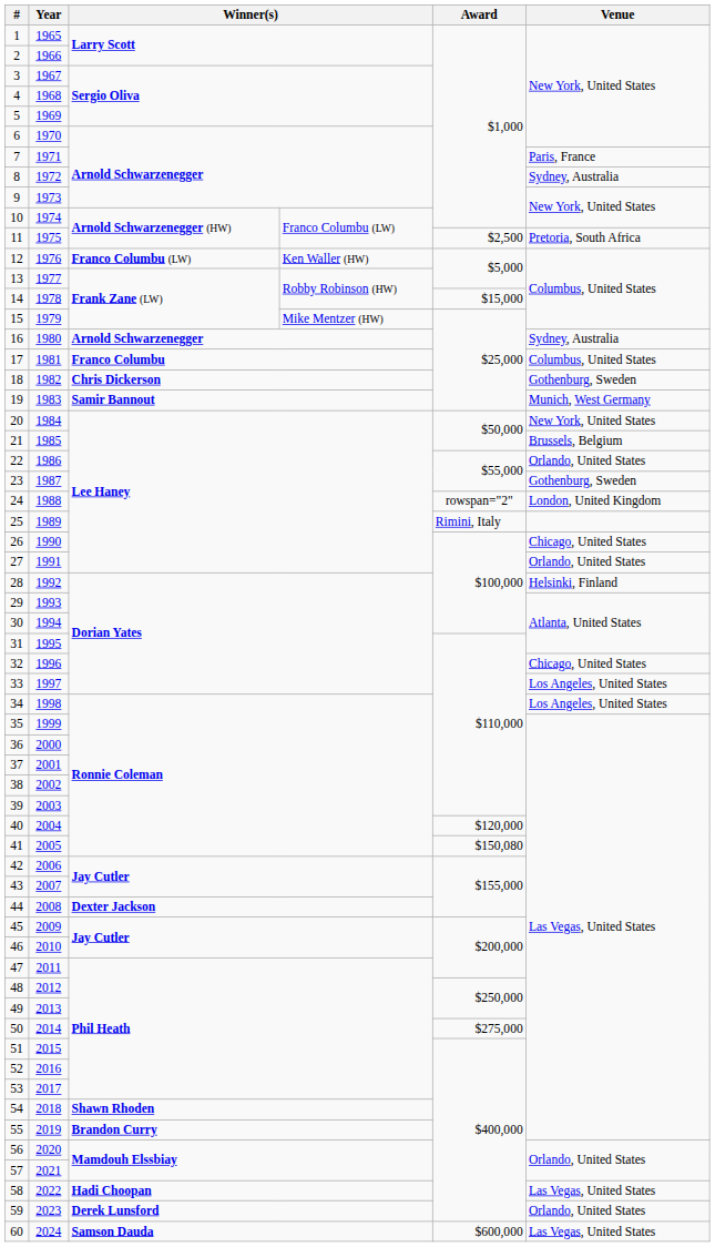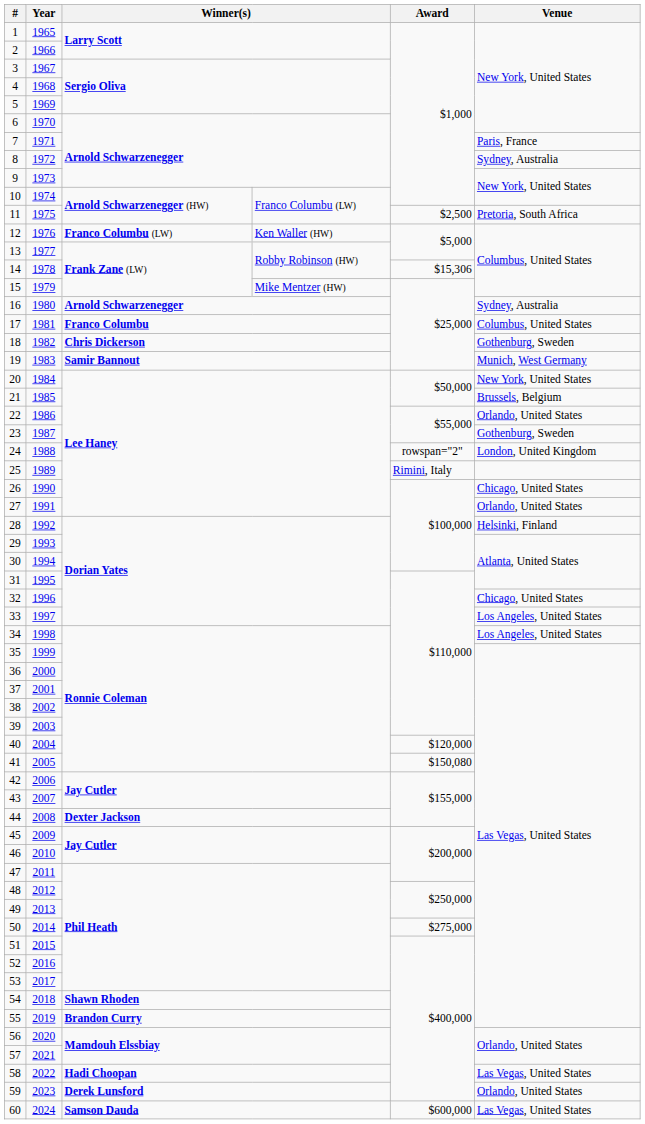 <table class="wikitable sortable" style="text-align: center;width: 100%;">
 <tr>
 <th>#</th>
 <th>Year</th>
 <th colspan="2">Winner(s)</th>
 <th>Award</th>
 <th>Venue</th>
 </tr>
 <tr>
 <td>1</td>
 <td><a href='#'>1965</a></td>
 <td align="left" colspan="2" rowspan="2"> <strong><a href='#'>Larry Scott</a></strong></td>
 <td align="right" rowspan="10">$1,000</td>
 <td align="left" rowspan="6"> <a href='#'>New York</a>, United States</td>
 </tr>
 <tr>
 <td>2</td>
 <td><a href='#'>1966</a></td>
 </tr>
 <tr>
 <td>3</td>
 <td><a href='#'>1967</a></td>
 <td align="left" rowspan="3" colspan="2"> <strong><a href='#'>Sergio Oliva</a></strong></td>
 </tr>
 <tr>
 <td>4</td>
 <td><a href='#'>1968</a></td>
 </tr>
 <tr>
 <td>5</td>
 <td><a href='#'>1969</a></td>
 </tr>
 <tr>
 <td>6</td>
 <td><a href='#'>1970</a></td>
 <td align="left" rowspan="4" colspan="2"><br> <strong><a href='#'>Arnold Schwarzenegger</a></strong></td>
 </tr>
 <tr>
 <td>7</td>
 <td><a href='#'>1971</a></td>
 <td align="left"> <a href='#'>Paris</a>, France</td>
 </tr>
 <tr>
 <td>8</td>
 <td><a href='#'>1972</a></td>
 <td align="left"> <a href='#'>Sydney</a>, Australia</td>
 </tr>
 <tr>
 <td>9</td>
 <td><a href='#'>1973</a></td>
 <td align="left" rowspan="2"> <a href='#'>New York</a>, United States</td>
 </tr>
 <tr>
 <td>10</td>
 <td><a href='#'>1974</a></td>
 <td style="border-top:none;" align="left" rowspan="2"> <strong><a href='#'>Arnold Schwarzenegger</a></strong> <small>(HW)</small></td>
 <td align="left" rowspan="2"> <a href='#'>Franco Columbu</a> <small>(LW)</small></td>
 </tr>
 <tr>
 <td>11</td>
 <td><a href='#'>1975</a></td>
 <td align="right">$2,500</td>
 <td align="left"> <a href='#'>Pretoria</a>, South Africa</td>
 </tr>
 <tr>
 <td>12</td>
 <td><a href='#'>1976</a></td>
 <td style="border-bottom:none;" align="left"> <strong><a href='#'>Franco Columbu</a></strong> <small>(LW)</small></td>
 <td align="left"> <a href='#'>Ken Waller</a> <small>(HW)</small></td>
 <td align="right" rowspan="2">$5,000</td>
 <td align="left" rowspan="4"> <a href='#'>Columbus</a>, United States</td>
 </tr>
 <tr>
 <td>13</td>
 <td><a href='#'>1977</a></td>
 <td style="border-bottom:none;" align="left" rowspan="3"> <strong><a href='#'>Frank Zane</a></strong> <small>(LW)</small></td>
 <td align="left" rowspan="2"> <a href='#'>Robby Robinson</a> <small>(HW)</small></td>
 </tr>
 <tr>
 <td>14</td>
 <td><a href='#'>1978</a></td>
-<td align="right">$15,000</td>
+<td align="right">$15,306</td>
 </tr>
 <tr>
 <td>15</td>
 <td><a href='#'>1979</a></td>
 <td align="left"> <a href='#'>Mike Mentzer</a> <small>(HW)</small></td>
 <td align="right" rowspan="5">$25,000</td>
 </tr>
 <tr>
 <td>16</td>
 <td><a href='#'>1980</a></td>
 <td align="left" colspan="2"> <strong><a href='#'>Arnold Schwarzenegger</a></strong></td>
 <td align="left"> <a href='#'>Sydney</a>, Australia</td>
 </tr>
 <tr>
 <td>17</td>
 <td><a href='#'>1981</a></td>
 <td align="left" colspan="2"> <strong><a href='#'>Franco Columbu</a></strong></td>
 <td align="left"> <a href='#'>Columbus</a>, United States</td>
 </tr>
 <tr>
 <td>18</td>
 <td><a href='#'>1982</a></td>
 <td align="left" colspan="2"> <strong><a href='#'>Chris Dickerson</a></strong></td>
 <td align="left"> <a href='#'>Gothenburg</a>, Sweden</td>
 </tr>
 <tr>
 <td>19</td>
 <td><a href='#'>1983</a></td>
 <td align="left" colspan="2"> <strong><a href='#'>Samir Bannout</a></strong></td>
 <td align="left"> <a href='#'>Munich</a>, <a href='#'>West Germany</a></td>
 </tr>
 <tr>
 <td>20</td>
 <td><a href='#'>1984</a></td>
 <td align="left" colspan="2" rowspan="8"> <strong><a href='#'>Lee Haney</a></strong></td>
 <td align="right" rowspan="2">$50,000</td>
 <td align="left"> <a href='#'>New York</a>, United States</td>
 </tr>
 <tr>
 <td>21</td>
 <td><a href='#'>1985</a></td>
 <td align="left"> <a href='#'>Brussels</a>, Belgium</td>
 </tr>
 <tr>
 <td>22</td>
 <td><a href='#'>1986</a></td>
 <td align="right" rowspan="2">$55,000</td>
 <td align="left"> <a href='#'>Orlando</a>, United States</td>
 </tr>
 <tr>
 <td>23</td>
 <td><a href='#'>1987</a></td>
 <td align="left"> <a href='#'>Gothenburg</a>, Sweden</td>
 </tr>
 <tr>
 <td>24</td>
 <td><a href='#'>1988</a></td>
 <td>rowspan="2" </td>
 <td align="left"> <a href='#'>London</a>, United Kingdom</td>
 </tr>
 <tr>
 <td>25</td>
 <td><a href='#'>1989</a></td>
 <td align="left"> <a href='#'>Rimini</a>, Italy</td>
 </tr>
 <tr>
 <td>26</td>
 <td><a href='#'>1990</a></td>
 <td align="right" rowspan="5">$100,000</td>
 <td align="left"> <a href='#'>Chicago</a>, United States</td>
 </tr>
 <tr>
 <td>27</td>
 <td><a href='#'>1991</a></td>
 <td align="left"> <a href='#'>Orlando</a>, United States</td>
 </tr>
 <tr>
 <td>28</td>
 <td><a href='#'>1992</a></td>
 <td align="left" colspan="2" rowspan="6"> <strong><a href='#'>Dorian Yates</a></strong></td>
 <td align="left"> <a href='#'>Helsinki</a>, Finland</td>
 </tr>
 <tr>
 <td>29</td>
 <td><a href='#'>1993</a></td>
 <td align="left" rowspan="3"> <a href='#'>Atlanta</a>, United States</td>
 </tr>
 <tr>
 <td>30</td>
 <td><a href='#'>1994</a></td>
 </tr>
 <tr>
 <td>31</td>
 <td><a href='#'>1995</a></td>
 <td align="right" rowspan="9">$110,000</td>
 </tr>
 <tr>
 <td>32</td>
 <td><a href='#'>1996</a></td>
 <td align="left"> <a href='#'>Chicago</a>, United States</td>
 </tr>
 <tr>
 <td>33</td>
 <td><a href='#'>1997</a></td>
 <td align="left"> <a href='#'>Los Angeles</a>, United States</td>
 </tr>
 <tr>
 <td>34</td>
 <td><a href='#'>1998</a></td>
 <td align="left" colspan="2" rowspan="8"> <strong><a href='#'>Ronnie Coleman</a></strong></td>
 <td align="left"> <a href='#'>Los Angeles</a>, United States</td>
 </tr>
 <tr>
 <td>35</td>
 <td><a href='#'>1999</a></td>
 <td rowspan="21" align="left"> <a href='#'>Las Vegas</a>, United States</td>
 </tr>
 <tr>
 <td>36</td>
 <td><a href='#'>2000</a></td>
 </tr>
 <tr>
 <td>37</td>
 <td><a href='#'>2001</a></td>
 </tr>
 <tr>
 <td>38</td>
 <td><a href='#'>2002</a></td>
 </tr>
 <tr>
 <td>39</td>
 <td><a href='#'>2003</a></td>
 </tr>
 <tr>
 <td>40</td>
 <td><a href='#'>2004</a></td>
 <td align="right">$120,000</td>
 </tr>
 <tr>
 <td>41</td>
 <td><a href='#'>2005</a></td>
 <td align="right">$150,080</td>
 </tr>
 <tr>
 <td>42</td>
 <td><a href='#'>2006</a></td>
 <td align="left" colspan="2" rowspan="2"> <strong><a href='#'>Jay Cutler</a></strong></td>
 <td align="right" rowspan="3">$155,000</td>
 </tr>
 <tr>
 <td>43</td>
 <td><a href='#'>2007</a></td>
 </tr>
 <tr>
 <td>44</td>
 <td><a href='#'>2008</a></td>
 <td align="left" colspan="2"> <strong><a href='#'>Dexter Jackson</a></strong></td>
 </tr>
 <tr>
 <td>45</td>
 <td><a href='#'>2009</a></td>
 <td align="left" colspan="2" rowspan="2"> <strong><a href='#'>Jay Cutler</a></strong></td>
 <td align="right" rowspan="3">$200,000</td>
 </tr>
 <tr>
 <td>46</td>
 <td><a href='#'>2010</a></td>
 </tr>
 <tr>
 <td>47</td>
 <td><a href='#'>2011</a></td>
 <td align="left" colspan="2" rowspan="7"> <strong><a href='#'>Phil Heath</a></strong></td>
 </tr>
 <tr>
 <td>48</td>
 <td><a href='#'>2012</a></td>
 <td align="right" rowspan="2">$250,000</td>
 </tr>
 <tr>
 <td>49</td>
 <td><a href='#'>2013</a></td>
 </tr>
 <tr>
 <td>50</td>
 <td><a href='#'>2014</a></td>
 <td align="right" rowspan="1">$275,000</td>
 </tr>
 <tr>
 <td>51</td>
 <td><a href='#'>2015</a></td>
 <td rowspan="9" align="right">$400,000</td>
 </tr>
 <tr>
 <td>52</td>
 <td><a href='#'>2016</a></td>
 </tr>
 <tr>
 <td>53</td>
 <td><a href='#'>2017</a></td>
 </tr>
 <tr>
 <td>54</td>
 <td><a href='#'>2018</a></td>
 <td align="left" colspan="2">  <strong><a href='#'>Shawn Rhoden</a></strong></td>
 </tr>
 <tr>
 <td>55</td>
 <td><a href='#'>2019</a></td>
 <td align="left" colspan="2"> <strong><a href='#'>Brandon Curry</a></strong></td>
 </tr>
 <tr>
 <td>56</td>
 <td><a href='#'>2020</a></td>
 <td align="left" rowspan="2" colspan="2"> <strong><a href='#'>Mamdouh Elssbiay</a></strong></td>
 <td align="left" rowspan="2"> <a href='#'>Orlando</a>, United States</td>
 </tr>
 <tr>
 <td>57</td>
 <td><a href='#'>2021</a></td>
 </tr>
 <tr>
 <td>58</td>
 <td><a href='#'>2022</a></td>
 <td align="left" colspan="2"> <strong><a href='#'>Hadi Choopan</a></strong></td>
 <td align="left"> <a href='#'>Las Vegas</a>, United States</td>
 </tr>
 <tr>
 <td>59</td>
 <td><a href='#'>2023</a></td>
 <td align="left" colspan="2"> <strong><a href='#'>Derek Lunsford</a></strong></td>
 <td align="left"> <a href='#'>Orlando</a>, United States</td>
 </tr>
 <tr>
 <td>60</td>
 <td><a href='#'>2024</a></td>
 <td align="left" colspan="2"> <strong><a href='#'>Samson Dauda</a></strong></td>
 <td rowspan="9" align="right">$600,000</td>
 <td align="left"> <a href='#'>Las Vegas</a>, United States</td>
 </tr>
 </table>
